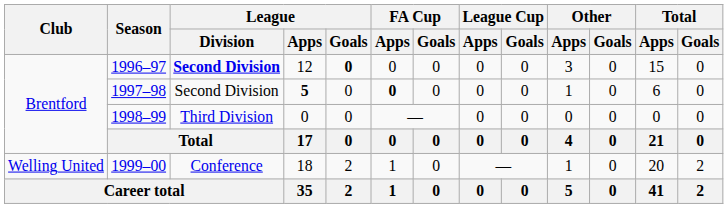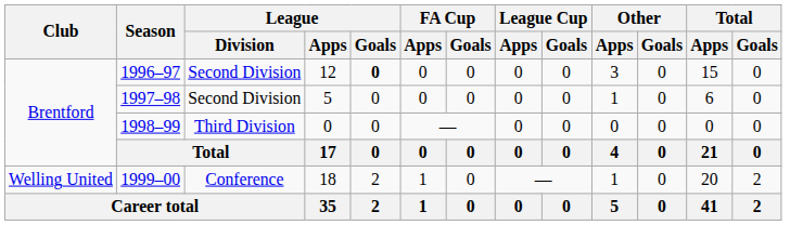 <table class="wikitable" style="text-align: center;">
 <tr>
 <th rowspan="2">Club</th>
 <th rowspan="2">Season</th>
 <th colspan="3">League</th>
 <th colspan="2">FA Cup</th>
 <th colspan="2">League Cup</th>
 <th colspan="2">Other</th>
 <th colspan="2">Total</th>
 </tr>
 <tr>
 <th>Division</th>
 <th>Apps</th>
 <th>Goals</th>
 <th>Apps</th>
 <th>Goals</th>
 <th>Apps</th>
 <th>Goals</th>
 <th>Apps</th>
 <th>Goals</th>
 <th>Apps</th>
 <th>Goals</th>
 </tr>
 <tr>
 <td rowspan="4"><a href='#'>Brentford</a></td>
 <td><a href='#'>1996–97</a></td>
-<td><strong><a href='#'>Second Division</a></strong></td>
+<td><a href='#'>Second Division</a></td>
 <td>12</td>
 <td><strong>0</strong></td>
 <td>0</td>
 <td>0</td>
 <td>0</td>
 <td>0</td>
 <td>3</td>
 <td>0</td>
 <td>15</td>
 <td>0</td>
 </tr>
 <tr>
 <td><a href='#'>1997–98</a></td>
 <td>Second Division</td>
-<td><strong>5</strong></td>
+<td>5</td>
 <td>0</td>
-<td><strong>0</strong></td>
+<td>0</td>
 <td>0</td>
 <td>0</td>
 <td>0</td>
 <td>1</td>
 <td>0</td>
 <td>6</td>
 <td>0</td>
 </tr>
 <tr>
 <td><a href='#'>1998–99</a></td>
 <td><a href='#'>Third Division</a></td>
 <td>0</td>
 <td>0</td>
 <td colspan="2">—</td>
 <td>0</td>
 <td>0</td>
 <td>0</td>
 <td>0</td>
 <td>0</td>
 <td>0</td>
 </tr>
 <tr>
 <th colspan="2">Total</th>
 <th>17</th>
 <th>0</th>
 <th>0</th>
 <th>0</th>
 <th>0</th>
 <th>0</th>
 <th>4</th>
 <th>0</th>
 <th>21</th>
 <th>0</th>
 </tr>
 <tr>
 <td><a href='#'>Welling United</a></td>
 <td><a href='#'>1999–00</a></td>
 <td><a href='#'>Conference</a></td>
 <td>18</td>
 <td>2</td>
 <td>1</td>
 <td>0</td>
 <td colspan="2">—</td>
 <td>1</td>
 <td>0</td>
 <td>20</td>
 <td>2</td>
 </tr>
 <tr>
 <th colspan="3">Career total</th>
 <th>35</th>
 <th>2</th>
 <th>1</th>
 <th>0</th>
 <th>0</th>
 <th>0</th>
 <th>5</th>
 <th>0</th>
 <th>41</th>
 <th>2</th>
 </tr>
 </table>
